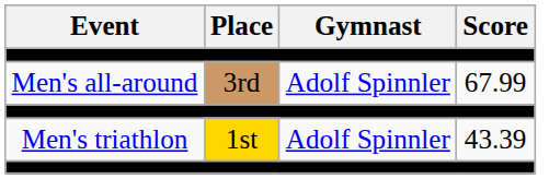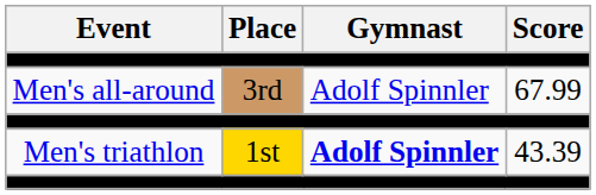 <table class=wikitable style="text-align:center">
 <tr>
 <th>Event</th>
 <th>Place</th>
 <th>Gymnast</th>
 <th>Score</th>
 </tr>
 <tr bgcolor=black>
 <td colspan=4></td>
 </tr>
 <tr align=center>
 <td><a href='#'>Men's all-around</a></td>
 <td bgcolor=cc9966>3rd</td>
 <td align=left><a href='#'>Adolf Spinnler</a></td>
 <td>67.99</td>
 </tr>
 <tr bgcolor=black>
 <td colspan=4></td>
 </tr>
 <tr align=center>
 <td><a href='#'>Men's triathlon</a></td>
 <td bgcolor=gold>1st</td>
-<td align=left><a href='#'>Adolf Spinnler</a></td>
+<td align=left><strong><a href='#'>Adolf Spinnler</a></strong></td>
 <td>43.39</td>
 </tr>
 <tr bgcolor=black>
 <td colspan=4></td>
 </tr>
 </table>
